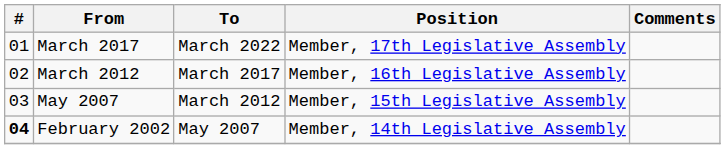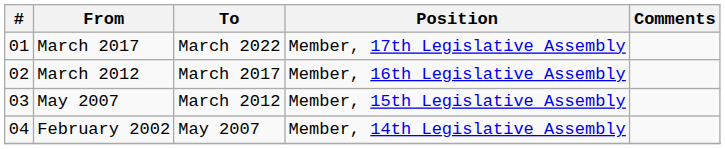 <table class="wikitable sortable">
 <tr>
 <th>#</th>
 <th>From</th>
 <th>To</th>
 <th>Position</th>
 <th>Comments</th>
 </tr>
 <tr>
 <td>01</td>
 <td>March 2017</td>
 <td>March 2022</td>
 <td>Member, <a href='#'>17th Legislative Assembly</a></td>
 <td></td>
 </tr>
 <tr>
 <td>02</td>
 <td>March 2012</td>
 <td>March 2017</td>
 <td>Member, <a href='#'>16th Legislative Assembly</a></td>
 <td></td>
 </tr>
 <tr>
 <td>03</td>
 <td>May 2007</td>
 <td>March 2012</td>
 <td>Member, <a href='#'>15th Legislative Assembly</a></td>
 <td></td>
 </tr>
 <tr>
-<td><strong>04</strong></td>
+<td>04</td>
 <td>February 2002</td>
 <td>May 2007</td>
 <td>Member, <a href='#'>14th Legislative Assembly</a></td>
 <td></td>
 </tr>
 <tr>
 </tr>
 </table>
